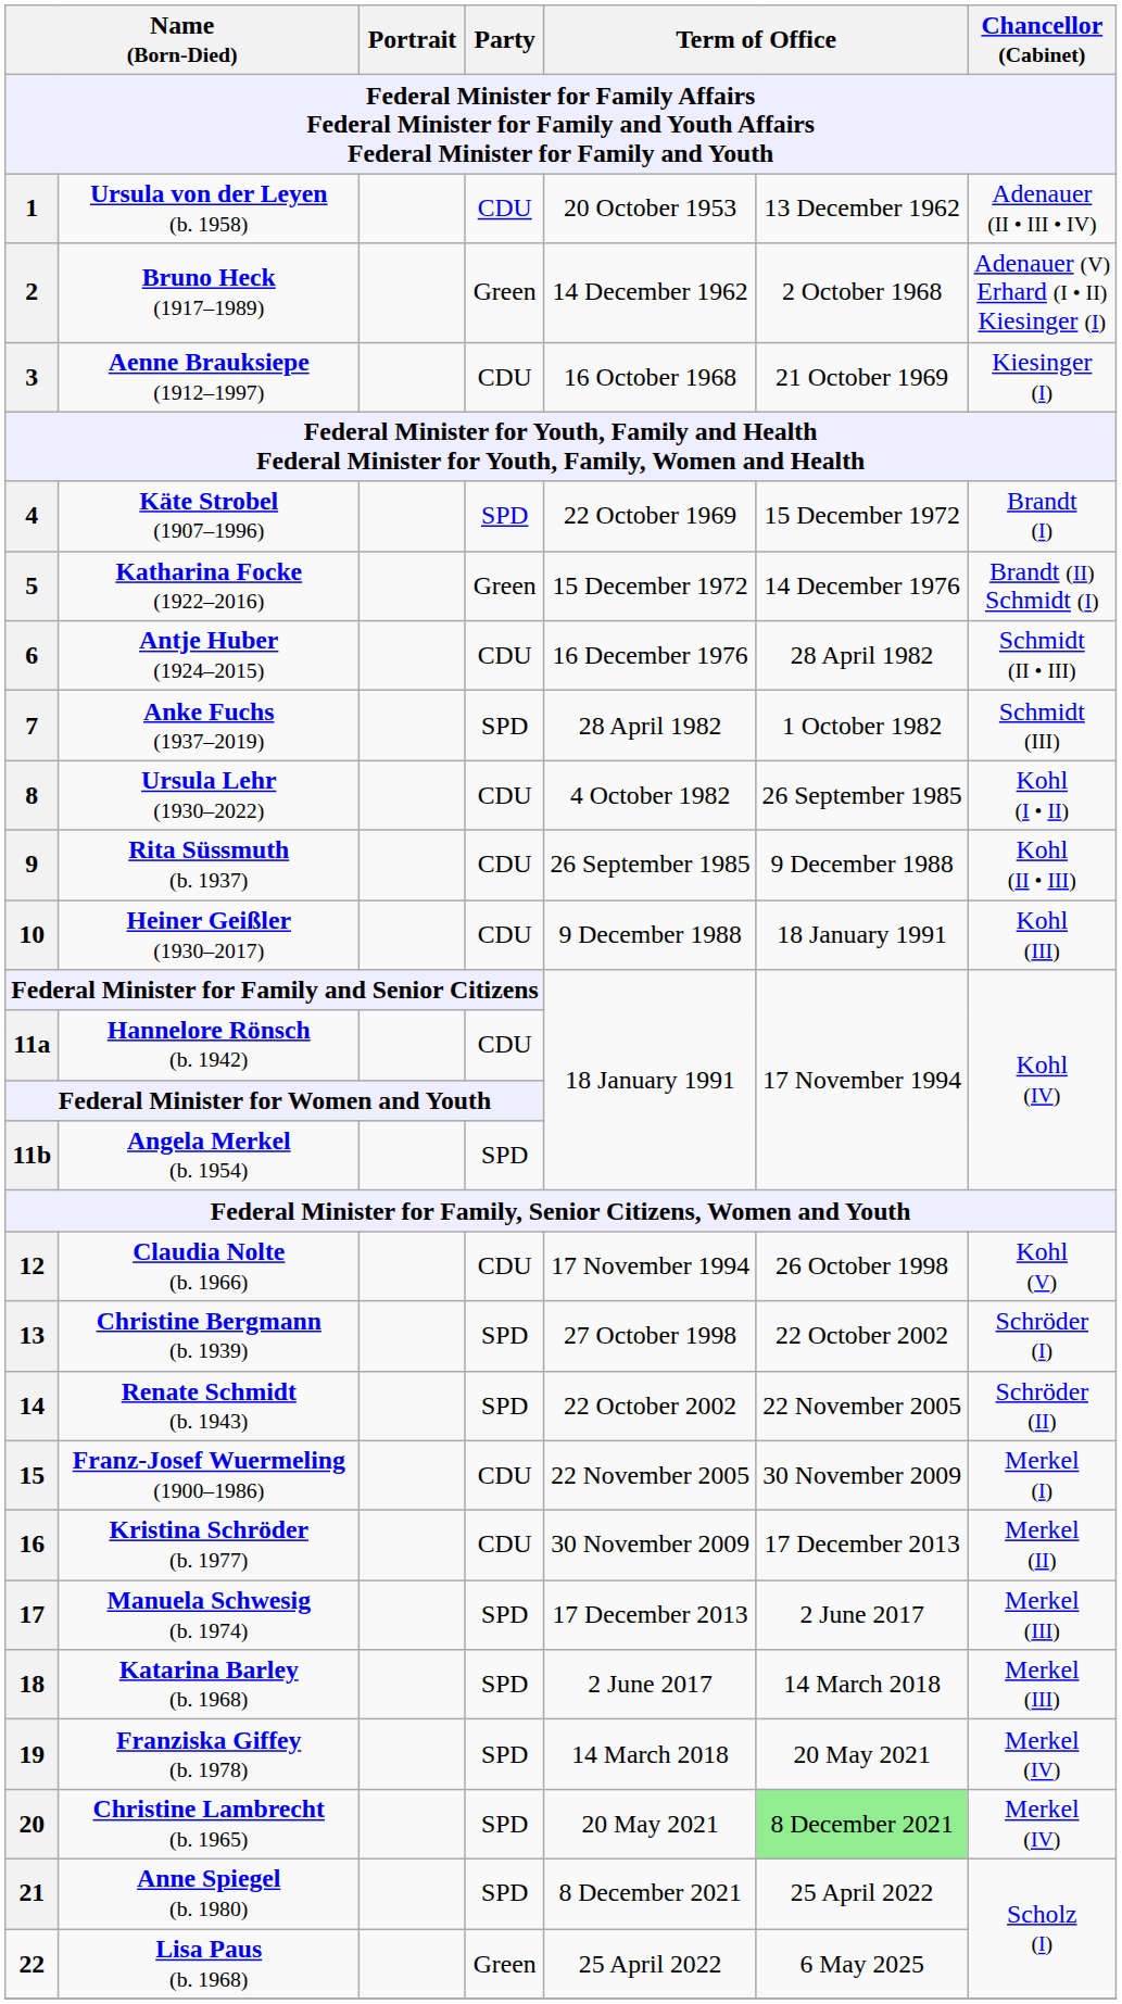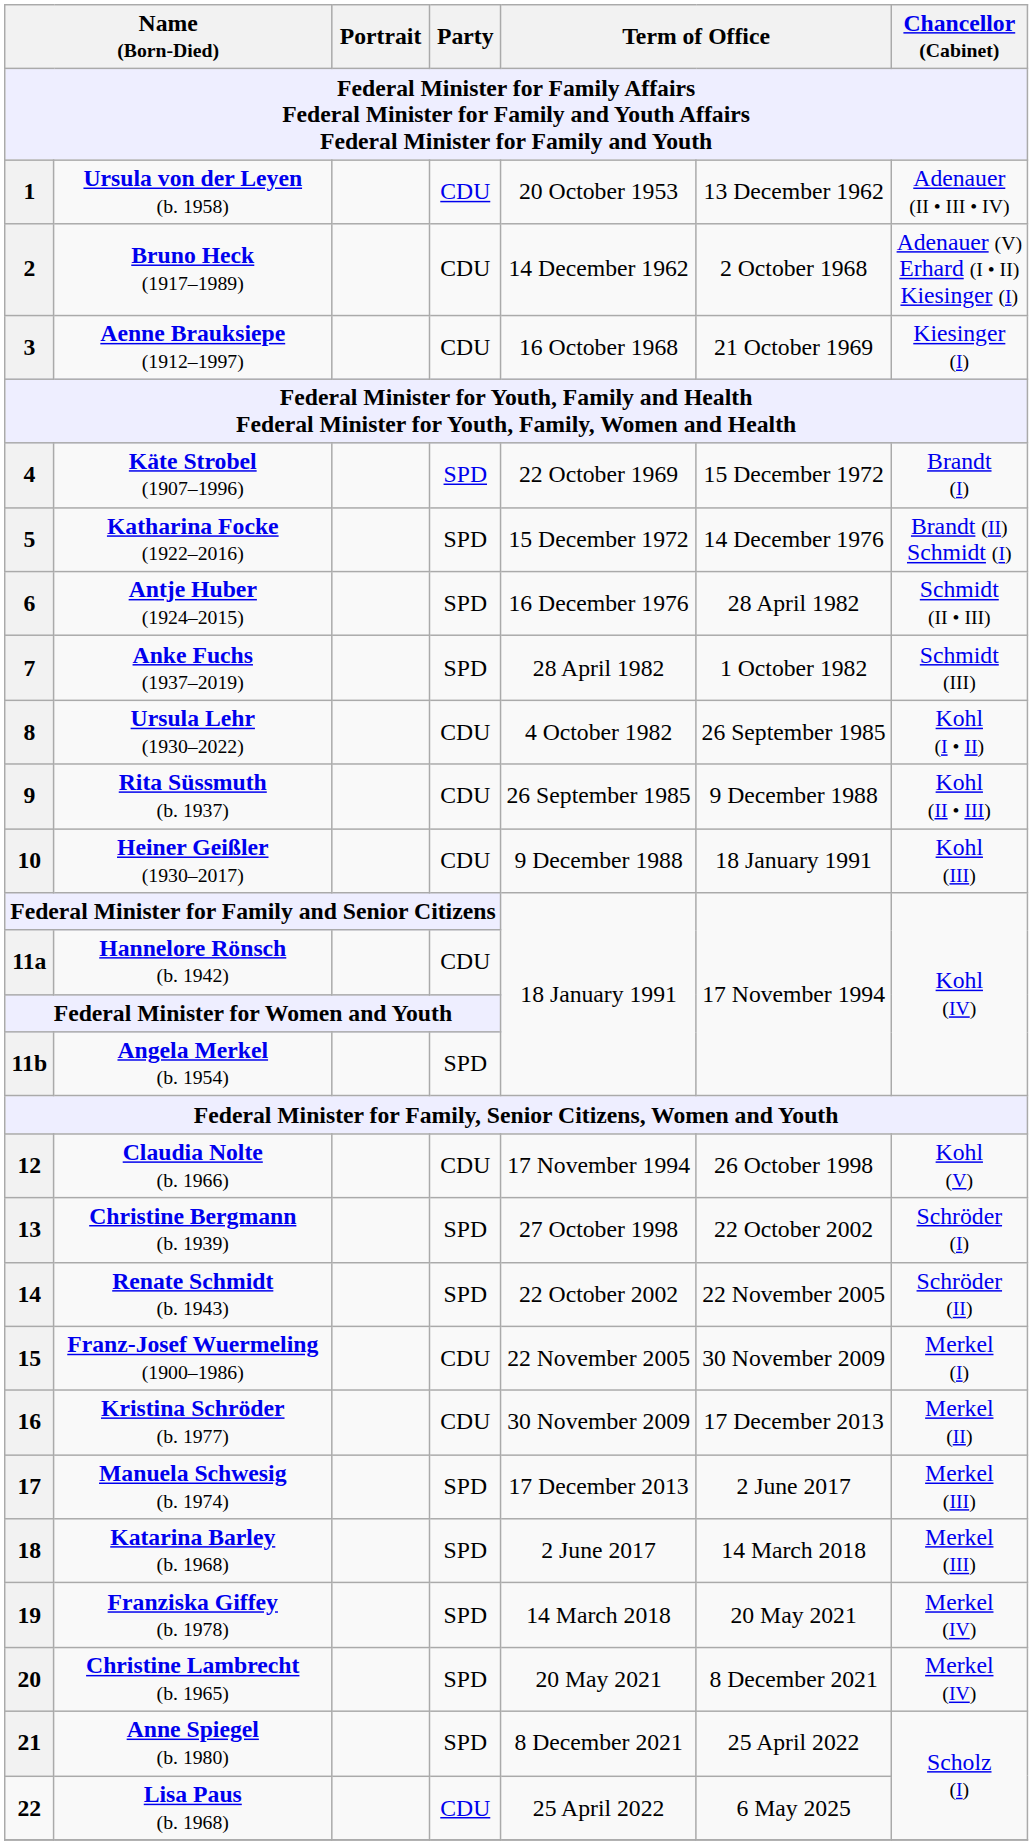 <table class="wikitable" style="text-align:center;">
 <tr>
 <th colspan=2>Name<br><small>(Born-Died)</small></th>
 <th>Portrait</th>
 <th>Party</th>
 <th colspan=2>Term of Office</th>
 <th><a href='#'>Chancellor</a><br><small>(Cabinet)</small></th>
 </tr>
 <tr>
 <th colspan="7" style="background:#EEEEFF">Federal Minister for Family Affairs <br>Federal Minister for Family and Youth Affairs <br>Federal Minister for Family and Youth </th>
 </tr>
 <tr>
 <th style="background:">1</th>
 <td><strong><a href='#'>Ursula von der Leyen</a></strong><br><small>(b. 1958)</small></td>
 <td></td>
 <td><a href='#'>CDU</a></td>
 <td>20 October 1953</td>
 <td>13 December 1962</td>
 <td><a href='#'>Adenauer</a><br><small>(II • III • IV)</small></td>
 </tr>
 <tr>
 <th style="background:">2</th>
 <td><strong><a href='#'>Bruno Heck</a></strong><br><small>(1917–1989)</small></td>
 <td></td>
-<td>Green</td>
+<td>CDU</td>
 <td>14 December 1962</td>
 <td>2 October 1968</td>
 <td><a href='#'>Adenauer</a> <small>(V)</small><br><a href='#'>Erhard</a> <small>(I • II)</small><br> <a href='#'>Kiesinger</a> <small>(<a href='#'>I</a>)</small></td>
 </tr>
 <tr>
 <th style="background:">3</th>
 <td><strong><a href='#'>Aenne Brauksiepe</a></strong><br><small>(1912–1997)</small></td>
 <td></td>
 <td>CDU</td>
 <td>16 October 1968</td>
 <td>21 October 1969</td>
 <td><a href='#'>Kiesinger</a><br><small>(<a href='#'>I</a>)</small></td>
 </tr>
 <tr>
 <th colspan="7" style="background:#EEEEFF">Federal Minister for Youth, Family and Health <br>Federal Minister for Youth, Family, Women and Health </th>
 </tr>
 <tr>
 <th style="background:">4</th>
 <td><strong><a href='#'>Käte Strobel</a></strong><br><small>(1907–1996)</small></td>
 <td></td>
 <td><a href='#'>SPD</a></td>
 <td>22 October 1969</td>
 <td>15 December 1972</td>
 <td><a href='#'>Brandt</a><br><small>(<a href='#'>I</a>)</small></td>
 </tr>
 <tr>
 <th style="background:">5</th>
 <td><strong><a href='#'>Katharina Focke</a></strong><br><small>(1922–2016)</small></td>
 <td></td>
-<td>Green</td>
+<td>SPD</td>
 <td>15 December 1972</td>
 <td>14 December 1976</td>
 <td><a href='#'>Brandt</a> <small>(<a href='#'>II</a>)</small><br> <a href='#'>Schmidt</a> <small>(<a href='#'>I</a>)	</small></td>
 </tr>
 <tr>
 <th style="background:">6</th>
 <td><strong><a href='#'>Antje Huber</a></strong><br><small>(1924–2015)</small></td>
 <td></td>
-<td>CDU</td>
+<td>SPD</td>
 <td>16 December 1976</td>
 <td>28 April 1982</td>
 <td><a href='#'>Schmidt</a><br><small>(II • III)</small></td>
 </tr>
 <tr>
 <th style="background:">7</th>
 <td><strong><a href='#'>Anke Fuchs</a></strong><br><small>(1937–2019)</small></td>
 <td></td>
 <td>SPD</td>
 <td>28 April 1982</td>
 <td>1 October 1982</td>
 <td><a href='#'>Schmidt</a><br><small>(III)</small></td>
 </tr>
 <tr>
 <th style="background:">8</th>
 <td><strong><a href='#'>Ursula Lehr</a></strong><br><small>(1930–2022)</small></td>
 <td></td>
 <td>CDU</td>
 <td>4 October 1982</td>
 <td>26 September 1985</td>
 <td><a href='#'>Kohl</a><br><small>(<a href='#'>I</a> • <a href='#'>II</a>)</small></td>
 </tr>
 <tr>
 <th style="background:">9</th>
 <td><strong><a href='#'>Rita Süssmuth</a></strong><br><small>(b. 1937)</small></td>
 <td></td>
 <td>CDU</td>
 <td>26 September 1985</td>
 <td>9 December 1988</td>
 <td><a href='#'>Kohl</a><br><small>(<a href='#'>II</a> • <a href='#'>III</a>)</small></td>
 </tr>
 <tr>
 <th style="background:">10</th>
 <td><strong><a href='#'>Heiner Geißler</a></strong><br><small>(1930–2017)</small></td>
 <td></td>
 <td>CDU</td>
 <td>9 December 1988</td>
 <td>18 January 1991</td>
 <td><a href='#'>Kohl</a><br><small>(<a href='#'>III</a>)	</small></td>
 </tr>
 <tr>
 <th colspan="4" style="background:#EEEEFF" align="center">Federal Minister for Family and Senior Citizens</th>
 <td rowspan=4>18 January 1991</td>
 <td rowspan=4>17 November 1994</td>
 <td rowspan=4><a href='#'>Kohl</a><br><small>(<a href='#'>IV</a>)</small></td>
 </tr>
 <tr>
 <th style="background:">11a</th>
 <td><strong><a href='#'>Hannelore Rönsch</a></strong><br><small>(b. 1942)</small></td>
 <td></td>
 <td>CDU</td>
 </tr>
 <tr>
 <th colspan="4" style="background:#EEEEFF" align="center">Federal Minister for Women and Youth</th>
 </tr>
 <tr>
 <th style="background:">11b</th>
 <td><strong><a href='#'>Angela Merkel</a></strong><br><small>(b. 1954)</small></td>
 <td></td>
 <td>SPD</td>
 </tr>
 <tr>
 <th colspan="7" style="background:#EEEEFF">Federal Minister for Family, Senior Citizens, Women and Youth</th>
 </tr>
 <tr>
 <th style="background:">12</th>
 <td><strong><a href='#'>Claudia Nolte</a></strong><br><small>(b. 1966)</small></td>
 <td></td>
 <td>CDU</td>
 <td>17 November 1994</td>
 <td>26 October 1998</td>
 <td><a href='#'>Kohl</a><br><small>(<a href='#'>V</a>)</small></td>
 </tr>
 <tr>
 <th style="background:">13</th>
 <td><strong><a href='#'>Christine Bergmann</a></strong><br><small>(b. 1939)</small></td>
 <td></td>
 <td>SPD</td>
 <td>27 October 1998</td>
 <td>22 October 2002</td>
 <td><a href='#'>Schröder</a><br><small>(<a href='#'>I</a>)</small></td>
 </tr>
 <tr>
 <th style="background:">14</th>
 <td><strong><a href='#'>Renate Schmidt</a></strong><br><small>(b. 1943)</small></td>
 <td></td>
 <td>SPD</td>
 <td>22 October 2002</td>
 <td>22 November 2005</td>
 <td><a href='#'>Schröder</a><br><small>(<a href='#'>II</a>)	</small></td>
 </tr>
 <tr>
 <th style="background:">15</th>
 <td><strong><a href='#'>Franz-Josef Wuermeling</a></strong><br><small>(1900–1986)</small></td>
 <td></td>
 <td>CDU</td>
 <td>22 November 2005</td>
 <td>30 November 2009</td>
 <td><a href='#'>Merkel</a><br><small>(<a href='#'>I</a>)</small></td>
 </tr>
 <tr>
 <th style="background:">16</th>
 <td><strong><a href='#'>Kristina Schröder</a></strong><br><small>(b. 1977)</small></td>
 <td></td>
 <td>CDU</td>
 <td>30 November 2009</td>
 <td>17 December 2013</td>
 <td><a href='#'>Merkel</a><br><small>(<a href='#'>II</a>)</small></td>
 </tr>
 <tr>
 <th style="background:">17</th>
 <td><strong><a href='#'>Manuela Schwesig</a></strong><br><small>(b. 1974)</small></td>
 <td></td>
 <td>SPD</td>
 <td>17 December 2013</td>
 <td>2 June 2017</td>
 <td><a href='#'>Merkel</a><br><small>(<a href='#'>III</a>)</small></td>
 </tr>
 <tr>
 <th style="background:">18</th>
 <td><strong><a href='#'>Katarina Barley</a></strong><br><small>(b. 1968)</small></td>
 <td></td>
 <td>SPD</td>
 <td>2 June 2017</td>
 <td>14 March 2018</td>
 <td><a href='#'>Merkel</a><br><small>(<a href='#'>III</a>)</small></td>
 </tr>
 <tr>
 <th style="background:">19</th>
 <td><strong><a href='#'>Franziska Giffey</a></strong><br><small>(b. 1978)</small></td>
 <td></td>
 <td>SPD</td>
 <td>14 March 2018</td>
 <td>20 May 2021</td>
 <td><a href='#'>Merkel</a><br><small>(<a href='#'>IV</a>)</small></td>
 </tr>
 <tr>
 <th style="background:">20</th>
 <td><strong><a href='#'>Christine Lambrecht</a></strong><br><small>(b. 1965)</small></td>
 <td></td>
 <td>SPD</td>
 <td>20 May 2021</td>
-<td style="background: lightgreen;">8 December 2021</td>
+<td>8 December 2021</td>
 <td><a href='#'>Merkel</a><br><small>(<a href='#'>IV</a>)</small></td>
 </tr>
 <tr>
 <th style="background:">21</th>
 <td><strong><a href='#'>Anne Spiegel</a></strong><br><small>(b. 1980)</small></td>
 <td></td>
 <td>SPD</td>
 <td>8 December 2021</td>
 <td>25 April 2022</td>
 <td rowspan=2><a href='#'>Scholz</a><br><small>(<a href='#'>I</a>)</small></td>
 </tr>
 <tr>
 <td style="background:"><strong>22</strong></td>
 <td><strong><a href='#'>Lisa Paus</a></strong><br><small>(b. 1968)</small></td>
 <td></td>
-<td>Green</td>
+<td><a href='#'>CDU</a></td>
 <td>25 April 2022</td>
 <td>6 May 2025</td>
 </tr>
 <tr>
 </tr>
 </table>
